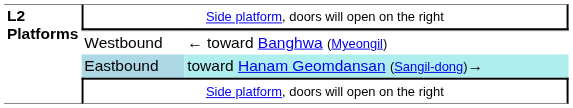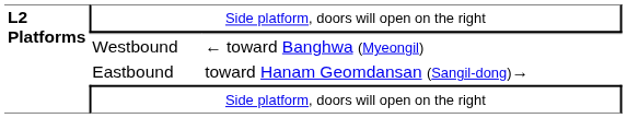 <table table border=0 cellspacing=0 cellpadding=3>
 <tr>
 <td style="border-top:solid 1px gray;border-bottom:solid 1px gray;" width=50 rowspan=10 valign=top><strong>L2<br>Platforms</strong></td>
 <td style="border-top:solid 1px gray;border-right:solid 2px black;border-left:solid 2px black;border-bottom:solid 2px black;text-align:center;" colspan=2><small><a href='#'>Side platform</a>, doors will open on the right</small></td>
 </tr>
 <tr>
 <td style="border-bottom:solid 0px gray;border-top:solid 1px gray;" width=100>Westbound</td>
 <td style="border-bottom:solid 0px gray;border-top:solid 1px gray;" width=390>←  toward <a href='#'>Banghwa</a> <small>(<a href='#'>Myeongil</a>)</small></td>
 </tr>
 <tr>
-<td style="background: lightblue;">Eastbound</td>
-<td style="background: paleturquoise;">  toward <a href='#'>Hanam Geomdansan</a> <small>(<a href='#'>Sangil-dong</a>)</small>→</td>
+<td>Eastbound</td>
+<td>  toward <a href='#'>Hanam Geomdansan</a> <small>(<a href='#'>Sangil-dong</a>)</small>→</td>
 </tr>
 <tr>
 <td style="border-top:solid 2px black;border-right:solid 2px black;border-left:solid 2px black;border-bottom:solid 1px gray;text-align:center;" colspan=2><small><a href='#'>Side platform</a>, doors will open on the right</small></td>
 </tr>
 </table>
